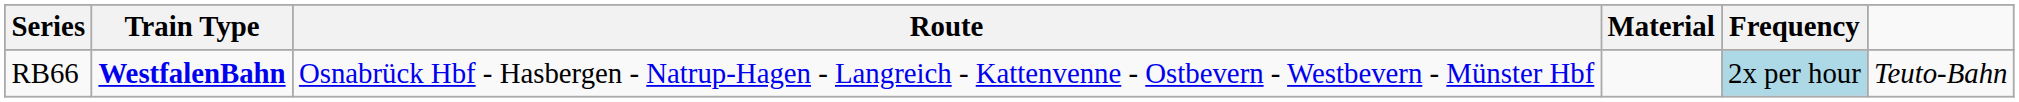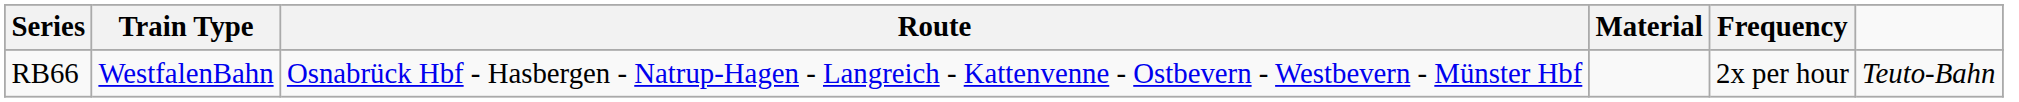 <table class="wikitable vatop">
 <tr>
 <th>Series</th>
 <th>Train Type</th>
 <th>Route</th>
 <th>Material</th>
 <th>Frequency</th>
 </tr>
 <tr>
 <td>RB66</td>
-<td><strong><a href='#'>WestfalenBahn</a></strong></td>
+<td><a href='#'>WestfalenBahn</a></td>
 <td><a href='#'>Osnabrück Hbf</a> - Hasbergen - <a href='#'>Natrup-Hagen</a> - <a href='#'>Langreich</a> - <a href='#'>Kattenvenne</a> - <a href='#'>Ostbevern</a> - <a href='#'>Westbevern</a> - <a href='#'>Münster Hbf</a></td>
 <td></td>
-<td style="background: lightblue;">2x per hour</td>
+<td>2x per hour</td>
 <td><em>Teuto-Bahn</em></td>
 </tr>
 </table>
